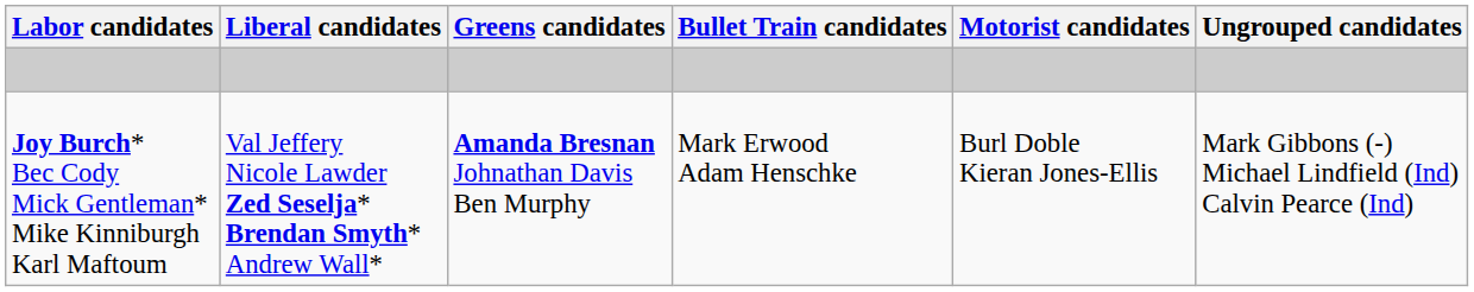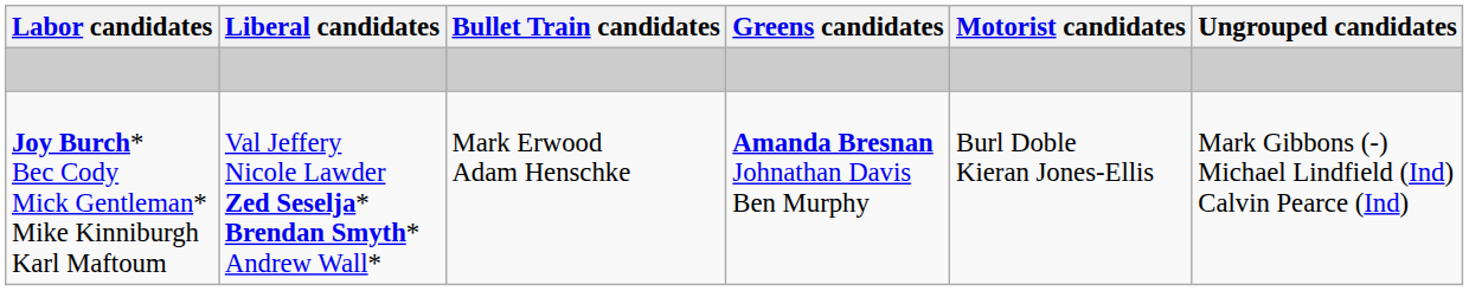 <table class="wikitable">
 <tr>
 <th><a href='#'>Labor</a> candidates</th>
 <th><a href='#'>Liberal</a> candidates</th>
+<th><a href='#'>Bullet Train</a> candidates</th>
 <th><a href='#'>Greens</a> candidates</th>
-<th><a href='#'>Bullet Train</a> candidates</th>
 <th><a href='#'>Motorist</a> candidates</th>
 <th>Ungrouped candidates</th>
 </tr>
 <tr bgcolor="#cccccc">
 <td></td>
 <td></td>
 <td></td>
 <td></td>
 <td></td>
 <td> </td>
 </tr>
 <tr>
 <td><br><strong><a href='#'>Joy Burch</a></strong>*<br> <a href='#'>Bec Cody</a><br> <a href='#'>Mick Gentleman</a>*<br> Mike Kinniburgh<br> Karl Maftoum</td>
 <td><br><a href='#'>Val Jeffery</a><br> <a href='#'>Nicole Lawder</a><br> <strong><a href='#'>Zed Seselja</a></strong>*<br> <strong><a href='#'>Brendan Smyth</a></strong>*<br> <a href='#'>Andrew Wall</a>*</td>
+<td valign=top><br>Mark Erwood<br> Adam Henschke</td>
 <td valign=top><br><strong><a href='#'>Amanda Bresnan</a></strong><br> <a href='#'>Johnathan Davis</a><br> Ben Murphy</td>
-<td valign=top><br>Mark Erwood<br> Adam Henschke</td>
 <td valign=top><br>Burl Doble<br> Kieran Jones-Ellis</td>
 <td valign=top><br>Mark Gibbons (-)<br> Michael Lindfield (<a href='#'>Ind</a>)<br> Calvin Pearce (<a href='#'>Ind</a>)</td>
 </tr>
 </table>
